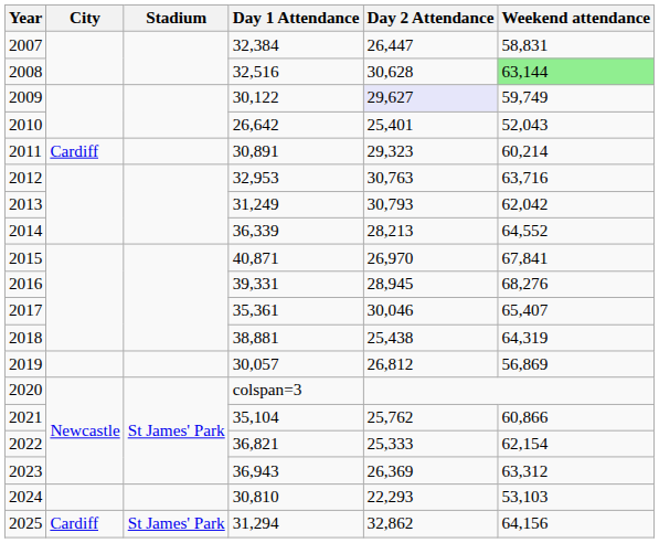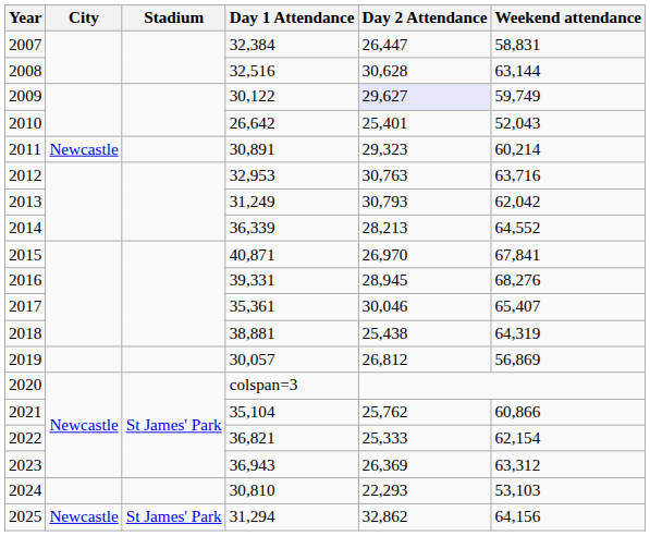 <table class="wikitable" style="text-align: left;">
 <tr>
 <th>Year</th>
 <th>City</th>
 <th>Stadium</th>
 <th>Day 1 Attendance</th>
 <th>Day 2 Attendance</th>
 <th>Weekend attendance</th>
 </tr>
 <tr>
 <td>2007</td>
 <td rowspan=2></td>
 <td rowspan=2></td>
 <td>32,384</td>
 <td>26,447</td>
 <td>58,831</td>
 </tr>
 <tr>
 <td>2008</td>
 <td>32,516</td>
 <td>30,628</td>
-<td style="background: lightgreen;"> 63,144</td>
+<td> 63,144</td>
 </tr>
 <tr>
 <td>2009</td>
 <td rowspan=2></td>
 <td rowspan=2></td>
 <td>30,122</td>
 <td style="background: lavender;">29,627</td>
 <td> 59,749</td>
 </tr>
 <tr>
 <td>2010</td>
 <td>26,642</td>
 <td>25,401</td>
 <td> 52,043</td>
 </tr>
 <tr>
 <td>2011</td>
-<td> <a href='#'>Cardiff</a></td>
+<td rowspan=> <a href='#'>Newcastle</a></td>
 <td></td>
 <td>30,891</td>
 <td>29,323</td>
 <td> 60,214</td>
 </tr>
 <tr>
 <td>2012</td>
 <td rowspan=3></td>
 <td rowspan=3></td>
 <td>32,953</td>
 <td>30,763</td>
 <td> 63,716</td>
 </tr>
 <tr>
 <td>2013</td>
 <td>31,249</td>
 <td>30,793</td>
 <td> 62,042</td>
 </tr>
 <tr>
 <td>2014</td>
 <td>36,339</td>
 <td>28,213</td>
 <td> 64,552</td>
 </tr>
 <tr>
 <td>2015</td>
 <td rowspan=4></td>
 <td rowspan=4></td>
 <td>40,871</td>
 <td>26,970</td>
 <td> 67,841</td>
 </tr>
 <tr>
 <td>2016</td>
 <td>39,331</td>
 <td>28,945</td>
 <td> 68,276</td>
 </tr>
 <tr>
 <td>2017</td>
 <td>35,361</td>
 <td>30,046</td>
 <td> 65,407</td>
 </tr>
 <tr>
 <td>2018</td>
 <td>38,881</td>
 <td>25,438</td>
 <td> 64,319</td>
 </tr>
 <tr>
 <td>2019</td>
 <td></td>
 <td></td>
 <td>30,057</td>
 <td>26,812</td>
 <td> 56,869</td>
 </tr>
 <tr>
 <td>2020</td>
 <td rowspan=4> <a href='#'>Newcastle</a></td>
 <td rowspan=4><a href='#'>St James' Park</a></td>
 <td>colspan=3</td>
 </tr>
 <tr>
 <td>2021</td>
 <td>35,104</td>
 <td>25,762</td>
 <td> 60,866</td>
 </tr>
 <tr>
 <td>2022</td>
 <td>36,821</td>
 <td>25,333</td>
 <td> 62,154</td>
 </tr>
 <tr>
 <td>2023</td>
 <td>36,943</td>
 <td>26,369</td>
 <td> 63,312</td>
 </tr>
 <tr>
 <td>2024</td>
 <td></td>
 <td></td>
 <td>30,810</td>
 <td>22,293</td>
 <td> 53,103</td>
 </tr>
 <tr>
 <td>2025</td>
-<td> <a href='#'>Cardiff</a></td>
+<td rowspan=> <a href='#'>Newcastle</a></td>
 <td rowspan=><a href='#'>St James' Park</a></td>
 <td>31,294</td>
 <td>32,862</td>
 <td> 64,156</td>
 </tr>
 </table>
